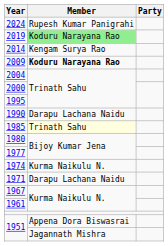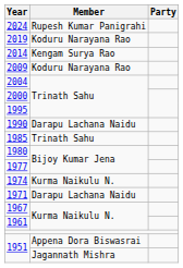 <table class="wikitable sortable">
 <tr>
 <th>Year</th>
 <th>Member</th>
 <th colspan="2">Party</th>
 </tr>
 <tr>
 <td><a href='#'>2024</a></td>
 <td>Rupesh Kumar Panigrahi</td>
 <td></td>
 </tr>
 <tr>
 <td><a href='#'>2019</a></td>
-<td style="background: lightgreen;">Koduru Narayana Rao</td>
+<td>Koduru Narayana Rao</td>
 <td></td>
 </tr>
 <tr>
 <td><a href='#'>2014</a></td>
 <td>Kengam Surya Rao</td>
 <td></td>
 </tr>
 <tr>
 <td><a href='#'>2009</a></td>
-<td><strong>Koduru Narayana Rao</strong></td>
+<td>Koduru Narayana Rao</td>
 <td></td>
 </tr>
 <tr>
 <td><a href='#'>2004</a></td>
 <td rowspan=3>Trinath Sahu</td>
 <td></td>
 </tr>
 <tr>
 <td><a href='#'>2000</a></td>
 </tr>
 <tr>
 <td><a href='#'>1995</a></td>
 </tr>
 <tr>
 <td><a href='#'>1990</a></td>
 <td>Darapu Lachana Naidu</td>
 <td></td>
 </tr>
 <tr>
 <td><a href='#'>1985</a></td>
-<td style="background: lightyellow;">Trinath Sahu</td>
+<td>Trinath Sahu</td>
 <td></td>
 </tr>
 <tr>
 <td><a href='#'>1980</a></td>
 <td rowspan=2>Bijoy Kumar Jena</td>
 <td></td>
 </tr>
 <tr>
 <td><a href='#'>1977</a></td>
 </tr>
 <tr>
 <td><a href='#'>1974</a></td>
 <td>Kurma Naikulu N.</td>
 <td></td>
 </tr>
 <tr>
 <td><a href='#'>1971</a></td>
 <td>Darapu Lachana Naidu</td>
 <td></td>
 </tr>
 <tr>
 <td><a href='#'>1967</a></td>
 <td rowspan=2>Kurma Naikulu N.</td>
 <td></td>
 </tr>
 <tr>
 <td><a href='#'>1961</a></td>
 </tr>
 <tr>
 <td colspan="4"></td>
 </tr>
 <tr>
 <td rowspan="2"><a href='#'>1951</a></td>
 <td>Appena Dora Biswasrai</td>
 <td></td>
 </tr>
 <tr>
 <td>Jagannath Mishra</td>
 <td></td>
 </tr>
 </table>
